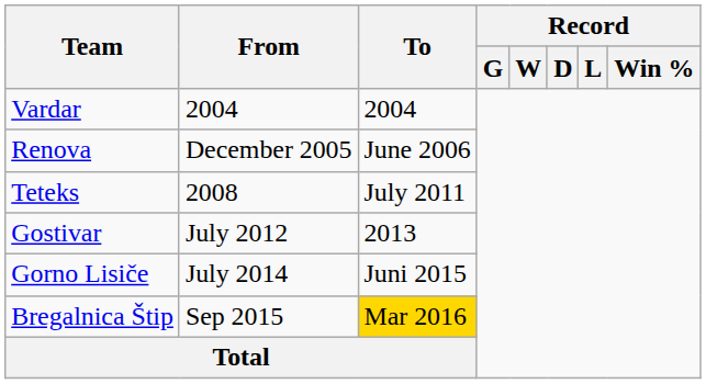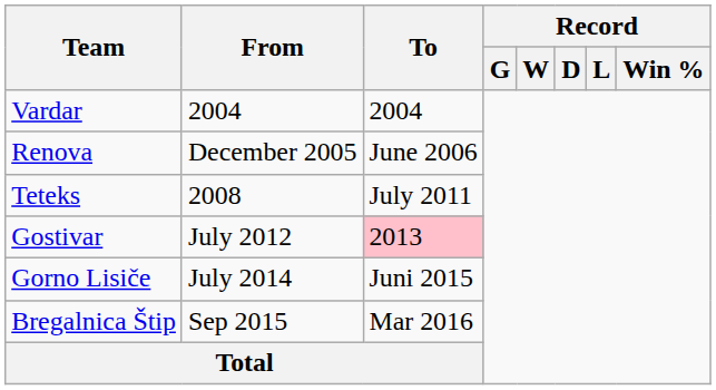 <table class="wikitable" tyle="text-align: center">
 <tr>
 <th rowspan="2">Team</th>
 <th rowspan="2">From</th>
 <th rowspan="2">To</th>
 <th colspan="5">Record</th>
 </tr>
 <tr>
 <th>G</th>
 <th>W</th>
 <th>D</th>
 <th>L</th>
 <th>Win %</th>
 </tr>
 <tr>
 <td align="left"><a href='#'>Vardar</a></td>
 <td align="left">2004</td>
 <td align="left">2004<br></td>
 </tr>
 <tr>
 <td align="left"><a href='#'>Renova</a></td>
 <td align="left">December 2005</td>
 <td align="left">June 2006<br></td>
 </tr>
 <tr>
 <td align=left><a href='#'>Teteks</a></td>
 <td align=left>2008</td>
 <td align=left>July 2011<br></td>
 </tr>
 <tr>
 <td align=left><a href='#'>Gostivar</a></td>
 <td align=left>July 2012</td>
-<td align=left>2013<br></td>
+<td align=left style="background: pink;">2013<br></td>
 </tr>
 <tr>
 <td align=left><a href='#'>Gorno Lisiče</a></td>
 <td align=left>July 2014</td>
 <td align=left>Juni 2015<br></td>
 </tr>
 <tr>
 <td align=left><a href='#'>Bregalnica Štip</a></td>
 <td align=left>Sep 2015</td>
-<td align=left style="background: gold;">Mar 2016<br></td>
+<td align=left>Mar 2016<br></td>
 </tr>
 <tr>
 <th colspan="3">Total<br></th>
 </tr>
 </table>
